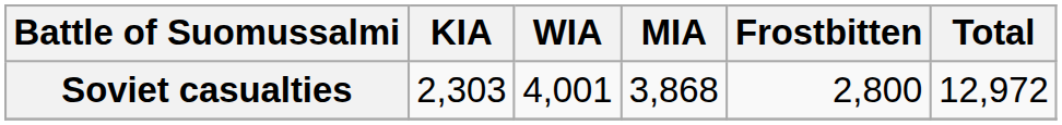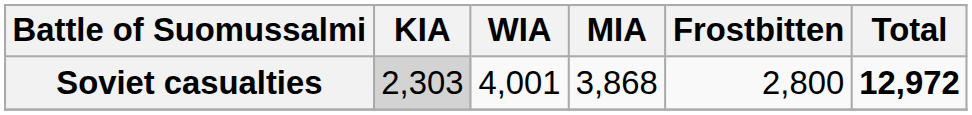 <table class="wikitable">
 <tr>
 <th rowspan="1">Battle of Suomussalmi</th>
 <th colspan="1">KIA</th>
 <th colspan="1">WIA</th>
 <th colspan="1">MIA</th>
 <th colspan="1">Frostbitten</th>
 <th colspan="1">Total</th>
 </tr>
 <tr>
 <th>Soviet casualties</th>
-<td style="text-align: right;">2,303</td>
+<td style="background: lightgrey; text-align: right;">2,303</td>
 <td style="text-align: right;">4,001</td>
 <td style="text-align: right;">3,868</td>
 <td style="text-align: right;">2,800</td>
-<td style="text-align: right;">12,972</td>
+<td style="text-align: right;"><strong>12,972</strong></td>
 </tr>
 <tr>
 </tr>
 </table>
